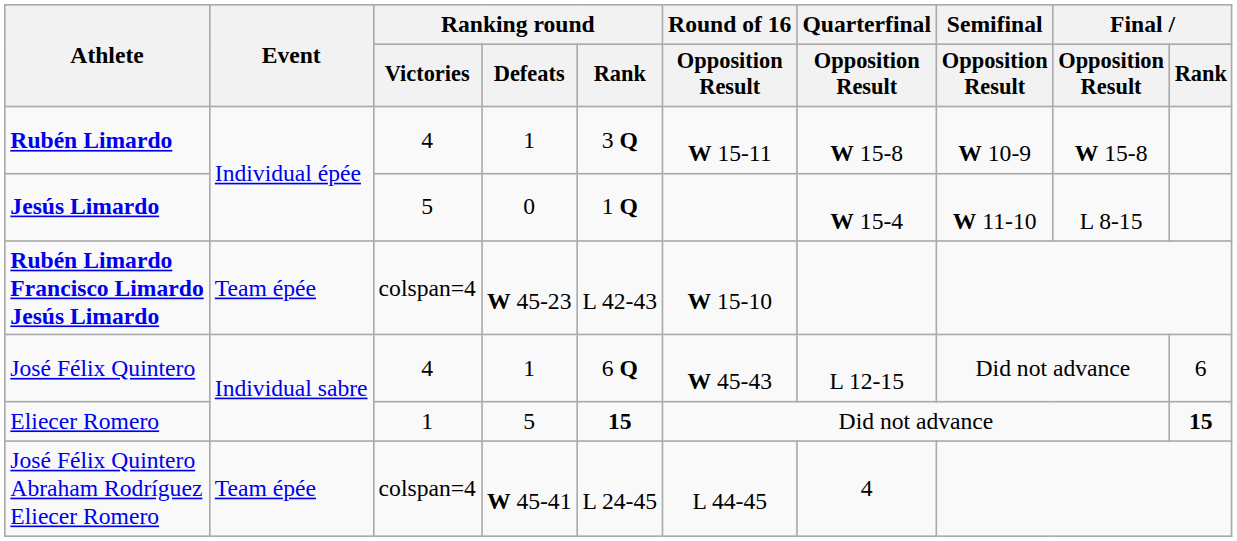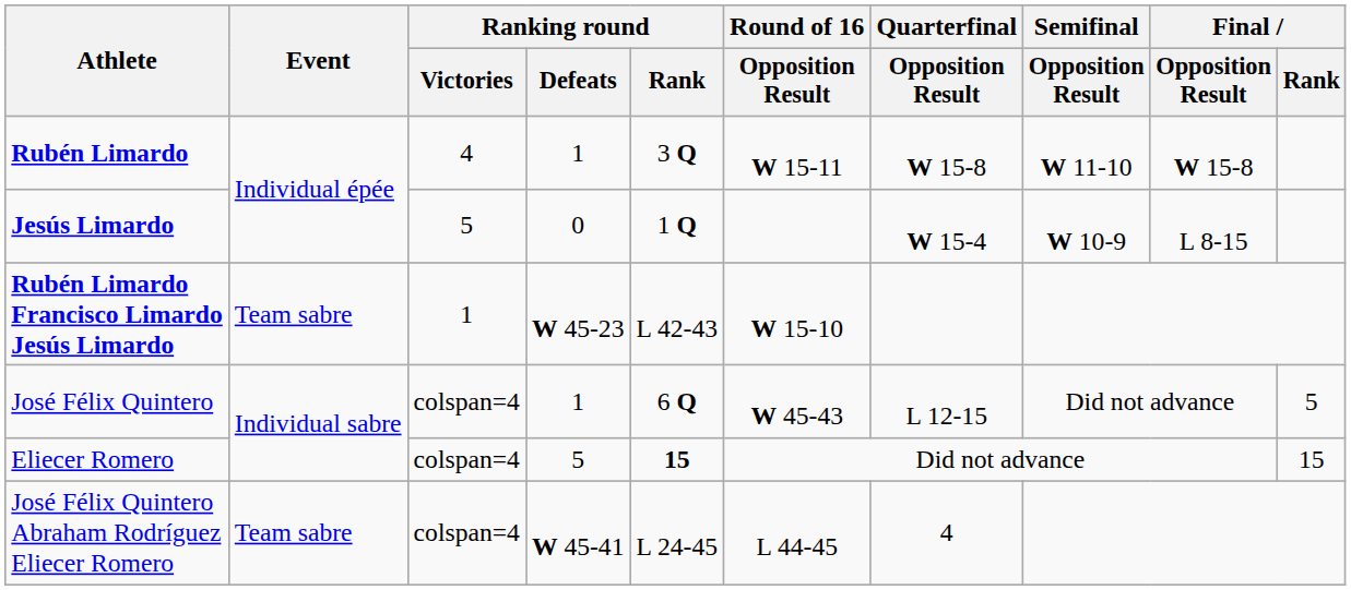 <table class=wikitable style=font-size:90%;text-align:center>
 <tr>
 <th rowspan=2>Athlete</th>
 <th rowspan=2>Event</th>
 <th colspan=3>Ranking round</th>
 <th>Round of 16</th>
 <th>Quarterfinal</th>
 <th>Semifinal</th>
 <th colspan=2>Final / </th>
 </tr>
 <tr style=font-size:95%>
 <th>Victories</th>
 <th>Defeats</th>
 <th>Rank</th>
 <th>Opposition<br>Result</th>
 <th>Opposition<br>Result</th>
 <th>Opposition<br>Result</th>
 <th>Opposition<br>Result</th>
 <th>Rank</th>
 </tr>
 <tr>
 <td align=left><strong><a href='#'>Rubén Limardo</a></strong></td>
 <td align=left rowspan=2><a href='#'>Individual épée</a></td>
 <td>4</td>
 <td>1</td>
 <td>3 <strong>Q</strong></td>
 <td><br> <strong>W</strong> 15-11</td>
 <td><br> <strong>W</strong> 15-8</td>
-<td><br> <strong>W</strong> 10-9</td>
+<td><br> <strong>W</strong> 11-10</td>
 <td><br> <strong>W</strong> 15-8</td>
 <td></td>
 </tr>
 <tr>
 <td align=left><strong><a href='#'>Jesús Limardo</a></strong></td>
 <td>5</td>
 <td>0</td>
 <td>1 <strong>Q</strong></td>
 <td></td>
 <td><br> <strong>W</strong> 15-4</td>
-<td><br> <strong>W</strong> 11-10</td>
+<td><br> <strong>W</strong> 10-9</td>
 <td><br> L 8-15</td>
 <td></td>
 </tr>
 <tr>
 <td align=left><strong><a href='#'>Rubén Limardo</a><br><a href='#'>Francisco Limardo</a><br><a href='#'>Jesús Limardo</a></strong></td>
-<td align=left><a href='#'>Team épée</a></td>
-<td>colspan=4 </td>
+<td align=left><a href='#'>Team sabre</a></td>
+<td>1</td>
 <td><br> <strong>W</strong> 45-23</td>
 <td><br>L 42-43</td>
 <td><br> <strong>W</strong> 15-10</td>
 <td></td>
 </tr>
 <tr>
 <td align=left><a href='#'>José Félix Quintero</a></td>
 <td align=left rowspan=2><a href='#'>Individual sabre</a></td>
-<td>4</td>
+<td>colspan=4 </td>
 <td>1</td>
 <td>6 <strong>Q</strong></td>
 <td><br> <strong>W</strong> 45-43</td>
 <td><br> L 12-15</td>
 <td colspan=2>Did not advance</td>
-<td>6</td>
+<td>5</td>
 </tr>
 <tr>
 <td align=left><a href='#'>Eliecer Romero</a></td>
-<td>1</td>
+<td>colspan=4 </td>
 <td>5</td>
 <td><strong>15</strong></td>
 <td colspan=4>Did not advance</td>
-<td><strong>15</strong></td>
+<td>15</td>
 </tr>
 <tr>
 <td align=left><a href='#'>José Félix Quintero</a><br><a href='#'>Abraham Rodríguez</a><br><a href='#'>Eliecer Romero</a><br></td>
-<td align=left><a href='#'>Team épée</a></td>
+<td align=left><a href='#'>Team sabre</a></td>
 <td>colspan=4 </td>
 <td><br> <strong>W</strong> 45-41</td>
 <td><br> L 24-45</td>
 <td><br> L 44-45</td>
 <td>4</td>
 </tr>
 </table>
